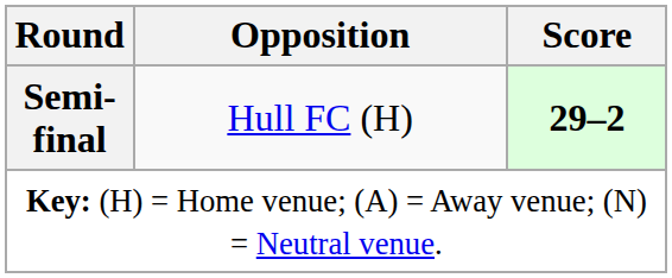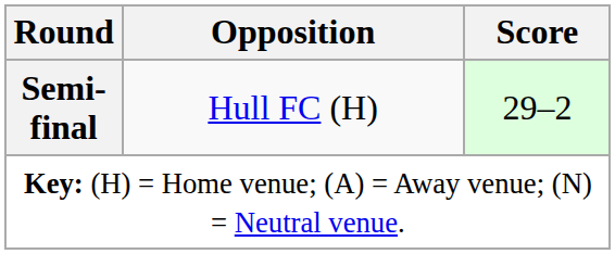 <table class="wikitable plainrowheaders" style="text-align:center;margin-left:1em;">
 <tr>
 <th width="25">Round</th>
 <th width="150">Opposition</th>
 <th width="60">Score</th>
 </tr>
 <tr>
 <th scope=row style="text-align:center">Semi-final</th>
 <td> <a href='#'>Hull FC</a> (H)</td>
-<td bgcolor=DDFFDD><strong>29–2</strong></td>
+<td bgcolor=DDFFDD>29–2</td>
 </tr>
 <tr>
 <td colspan="3" style="background-color:white;"><small><strong>Key:</strong> (H) = Home venue; (A) = Away venue; (N) = <a href='#'>Neutral venue</a>.</small></td>
 </tr>
 </table>
